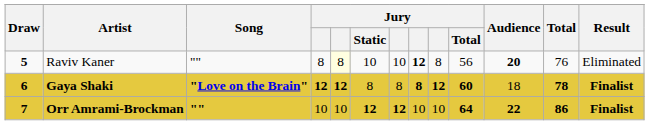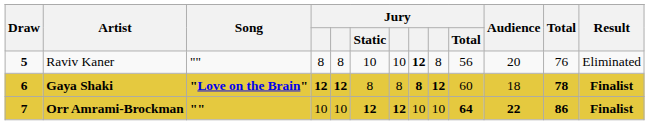 <table class="sortable wikitable" style="margin: 1em auto 1em auto; text-align:center; font-size:90%; line-height:18px;">
 <tr>
 </tr>
 <tr>
 <th rowspan="2">Draw</th>
 <th rowspan="2">Artist</th>
 <th rowspan="2">Song</th>
 <th colspan="7" class="unsortable">Jury</th>
 <th rowspan="2">Audience</th>
 <th rowspan="2">Total</th>
 <th rowspan="2">Result</th>
 </tr>
 <tr>
 <th class="unsortable"></th>
 <th class="unsortable"></th>
 <th class="unsortable">Static</th>
 <th class="unsortable"></th>
 <th class="unsortable"></th>
 <th class="unsortable"></th>
 <th>Total</th>
 </tr>
 <tr>
 <td><strong>5</strong></td>
 <td align="left">Raviv Kaner</td>
 <td align="left">""</td>
 <td>8</td>
-<td style="background: lightyellow;">8</td>
+<td>8</td>
 <td>10</td>
 <td>10</td>
 <td><strong>12</strong></td>
 <td>8</td>
 <td>56</td>
-<td><strong>20</strong></td>
+<td>20</td>
 <td>76</td>
 <td>Eliminated</td>
 </tr>
 <tr style="background:#e5c93f;">
 <td><strong>6</strong></td>
 <td align="left"><strong>Gaya Shaki</strong></td>
 <td align="left"><strong>"<a href='#'>Love on the Brain</a>"</strong></td>
 <td><strong>12</strong></td>
 <td><strong>12</strong></td>
 <td>8</td>
 <td>8</td>
 <td><strong>8</strong></td>
 <td><strong>12</strong></td>
-<td><strong>60</strong></td>
+<td>60</td>
 <td>18</td>
 <td><strong>78</strong></td>
 <td><strong>Finalist</strong></td>
 </tr>
 <tr style="background:#e5c93f;">
 <td><strong>7</strong></td>
 <td align="left"><strong>Orr Amrami-Brockman</strong></td>
 <td align="left"><strong>""</strong></td>
 <td>10</td>
 <td>10</td>
 <td><strong>12</strong></td>
 <td><strong>12</strong></td>
 <td>10</td>
 <td>10</td>
 <td><strong>64</strong></td>
 <td><strong>22</strong></td>
 <td><strong>86</strong></td>
 <td><strong>Finalist</strong></td>
 </tr>
 </table>
